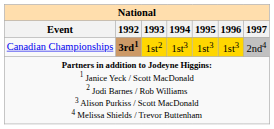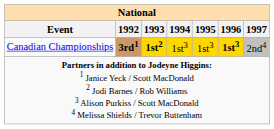 <table class="wikitable" style="text-align:center">
 <tr>
 <th style="background-color: #ffdead; " colspan=7 align=center>National</th>
 </tr>
 <tr>
 <th>Event</th>
 <th>1992</th>
 <th>1993</th>
 <th>1994</th>
 <th>1995</th>
 <th>1996</th>
 <th>1997</th>
 </tr>
 <tr>
 <td align=left><a href='#'>Canadian Championships</a></td>
 <td bgcolor=cc9966><strong>3rd<sup>1</sup></strong></td>
-<td bgcolor=gold>1st<sup>2</sup></td>
+<td bgcolor=gold><strong>1st<sup>2</sup></strong></td>
 <td bgcolor=gold>1st<sup>3</sup></td>
 <td bgcolor=gold>1st<sup>3</sup></td>
-<td bgcolor=gold>1st<sup>3</sup></td>
+<td bgcolor=gold><strong>1st<sup>3</sup></strong></td>
 <td bgcolor=silver>2nd<sup>4</sup></td>
 </tr>
 <tr>
 <td colspan=7 align=center><small> <strong>Partners in addition to Jodeyne Higgins:</strong> <br> <sup>1</sup> Janice Yeck / Scott MacDonald <br> <sup>2</sup> Jodi Barnes / Rob Williams <br> <sup>3</sup> Alison Purkiss / Scott MacDonald <br> <sup>4</sup> Melissa Shields / Trevor Buttenham </small></td>
 </tr>
 </table>
